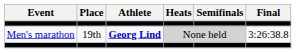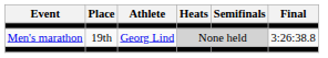 <table class=wikitable>
 <tr>
 <th>Event</th>
 <th>Place</th>
 <th>Athlete</th>
 <th>Heats</th>
 <th>Semifinals</th>
 <th>Final</th>
 </tr>
 <tr bgcolor=black>
 <td></td>
 <td></td>
 <td></td>
 <td></td>
 <td></td>
 <td></td>
 </tr>
 <tr align=center>
 <td align=left><a href='#'>Men's marathon</a></td>
 <td>19th</td>
-<td align=left><strong><a href='#'>Georg Lind</a></strong></td>
+<td align=left><a href='#'>Georg Lind</a></td>
 <td colspan=2 bgcolor=lightgray>None held</td>
 <td>3:26:38.8</td>
 </tr>
 <tr bgcolor=black>
 <td></td>
 <td></td>
 <td></td>
 <td></td>
 <td></td>
 <td></td>
 </tr>
 </table>
